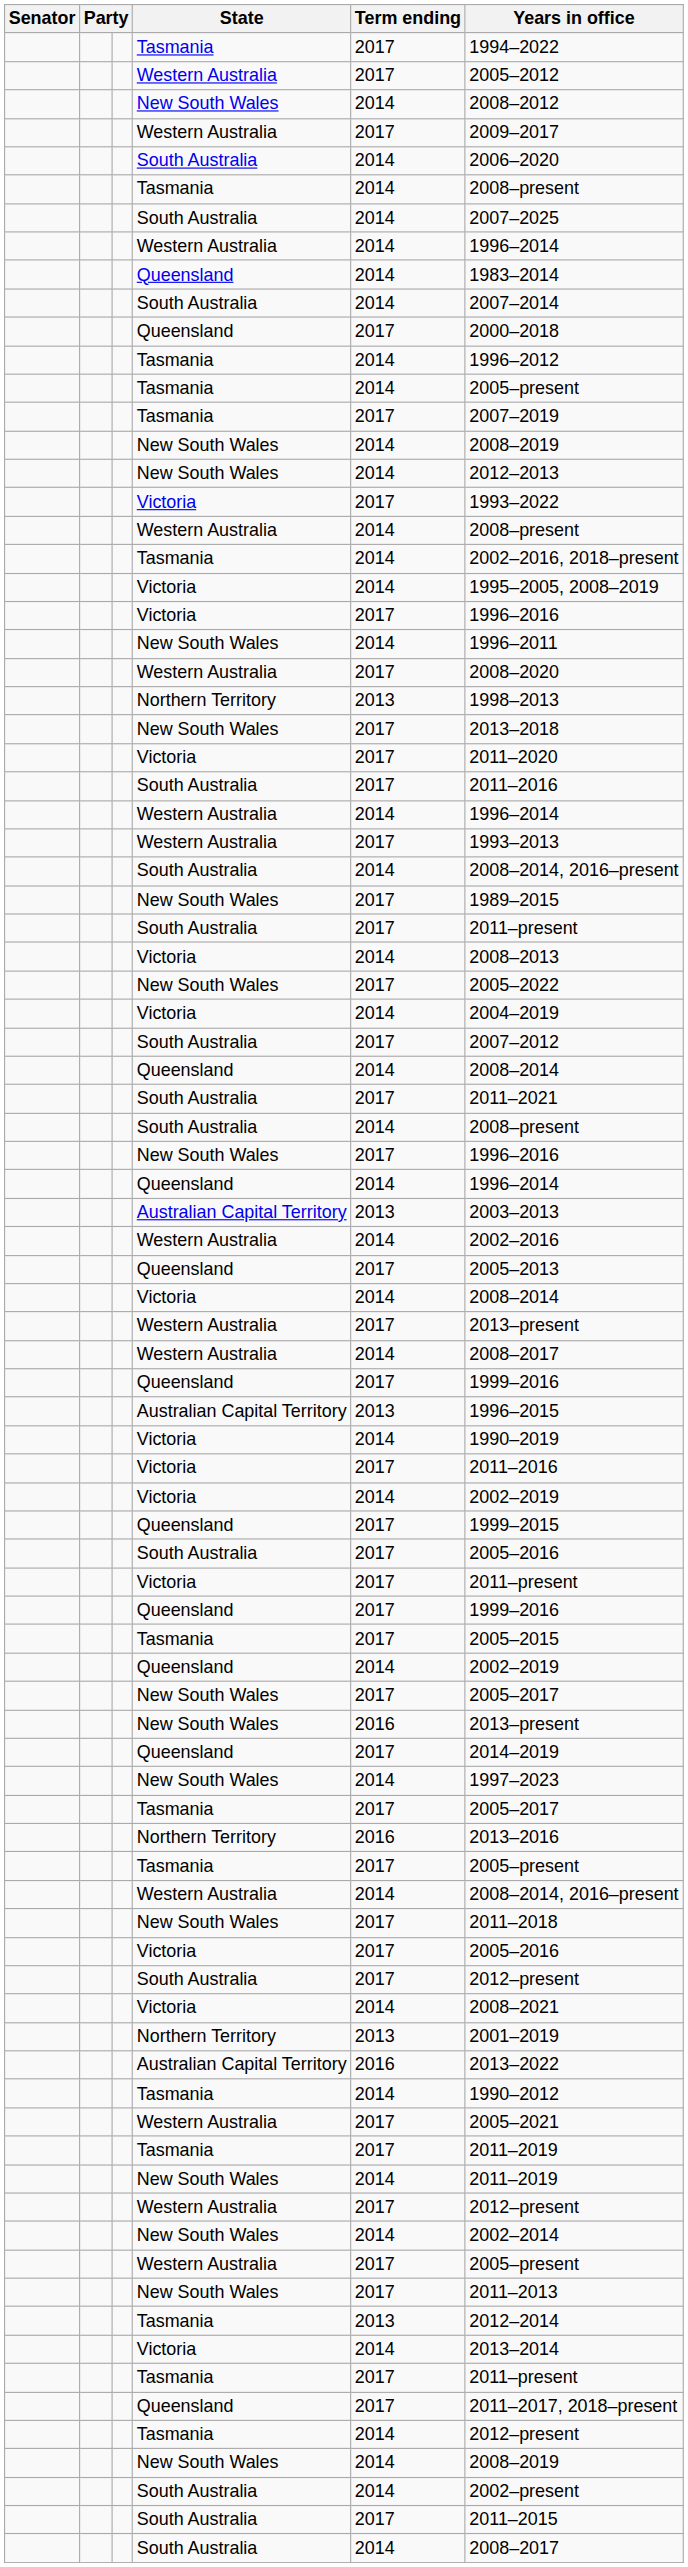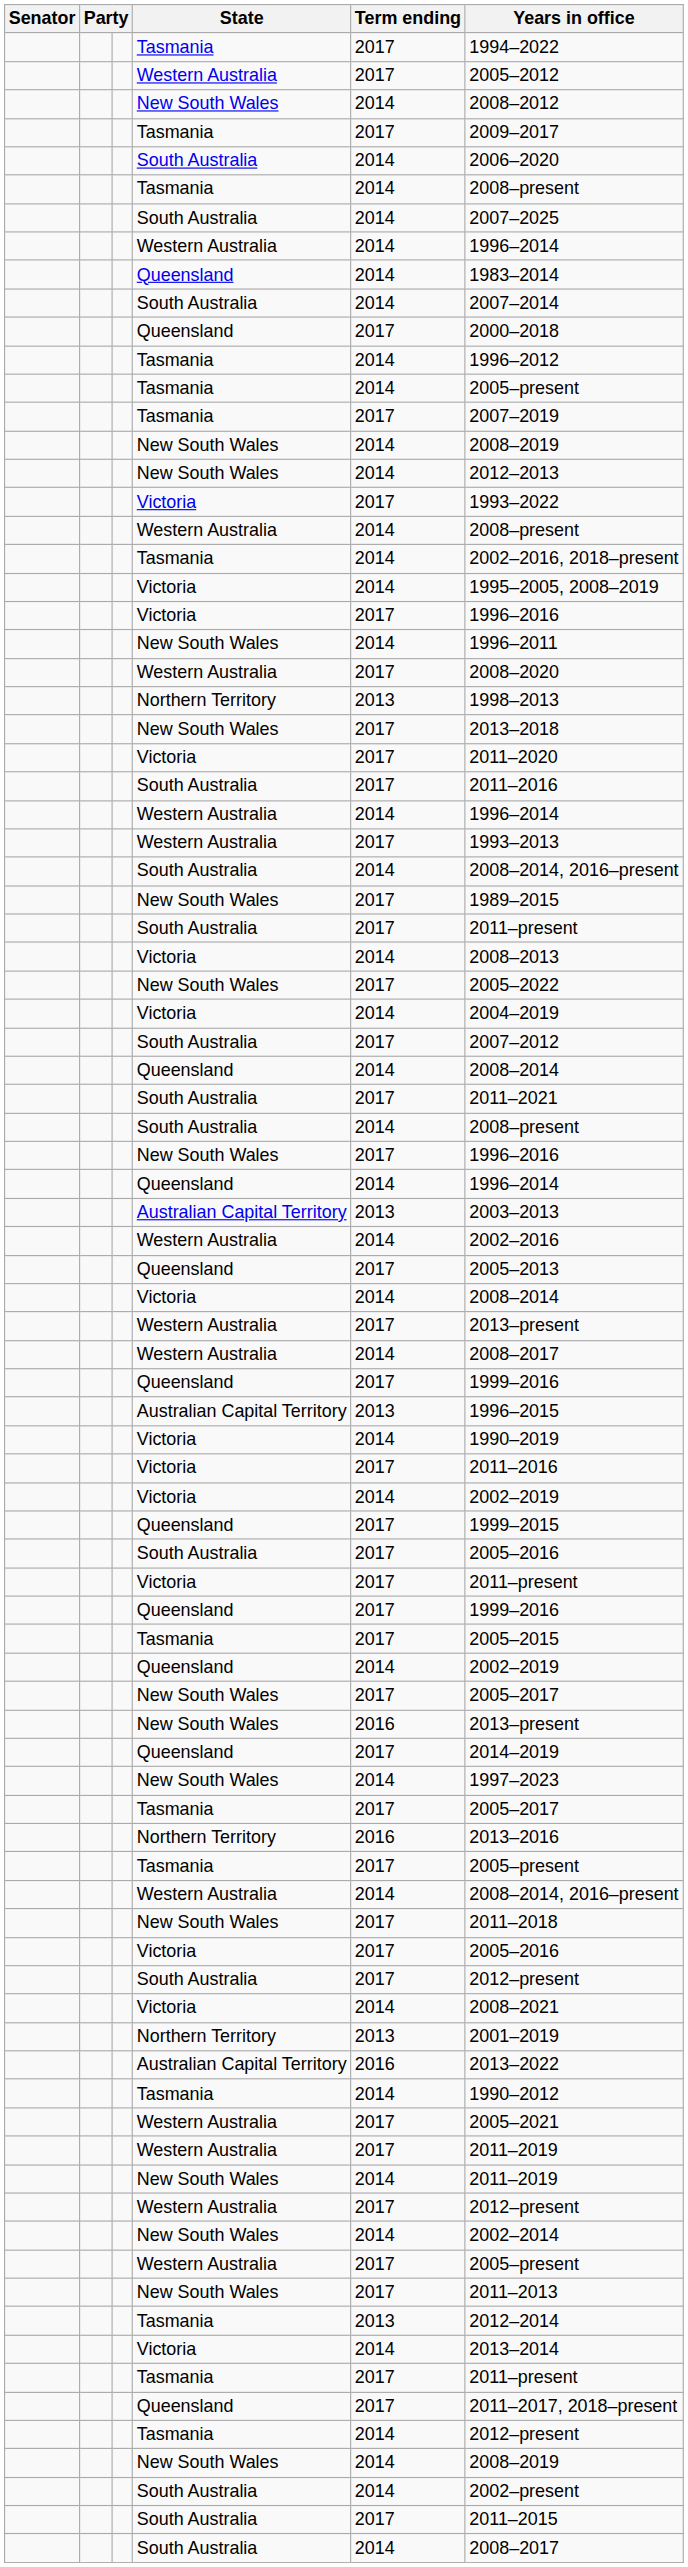 <table class="wikitable sortable">
 <tr>
 <th>Senator</th>
 <th colspan=2>Party</th>
 <th>State</th>
 <th>Term ending</th>
 <th>Years in office</th>
 </tr>
 <tr>
 <td></td>
 <td> </td>
 <td></td>
 <td><a href='#'>Tasmania</a></td>
 <td>2017</td>
 <td>1994–2022</td>
 </tr>
 <tr>
 <td> </td>
 <td> </td>
 <td></td>
 <td><a href='#'>Western Australia</a></td>
 <td>2017</td>
 <td>2005–2012</td>
 </tr>
 <tr>
 <td> </td>
 <td> </td>
 <td></td>
 <td><a href='#'>New South Wales</a></td>
 <td>2014</td>
 <td>2008–2012</td>
 </tr>
 <tr>
 <td></td>
 <td> </td>
 <td></td>
-<td>Western Australia</td>
+<td>Tasmania</td>
 <td>2017</td>
 <td>2009–2017</td>
 </tr>
 <tr>
 <td></td>
 <td> </td>
 <td></td>
 <td><a href='#'>South Australia</a></td>
 <td>2014</td>
 <td>2006–2020</td>
 </tr>
 <tr>
 <td></td>
 <td> </td>
 <td></td>
 <td>Tasmania</td>
 <td>2014</td>
 <td>2008–present</td>
 </tr>
 <tr>
 <td></td>
 <td> </td>
 <td></td>
 <td>South Australia</td>
 <td>2014</td>
 <td>2007–2025</td>
 </tr>
 <tr>
 <td></td>
 <td> </td>
 <td></td>
 <td>Western Australia</td>
 <td>2014</td>
 <td>1996–2014</td>
 </tr>
 <tr>
 <td></td>
 <td> </td>
 <td> </td>
 <td><a href='#'>Queensland</a></td>
 <td>2014</td>
 <td>1983–2014</td>
 </tr>
 <tr>
 <td></td>
 <td> </td>
 <td> </td>
 <td>South Australia</td>
 <td>2014</td>
 <td>2007–2014</td>
 </tr>
 <tr>
 <td></td>
 <td> </td>
 <td> </td>
 <td>Queensland</td>
 <td>2017</td>
 <td>2000–2018</td>
 </tr>
 <tr>
 <td> </td>
 <td> </td>
 <td></td>
 <td>Tasmania</td>
 <td>2014</td>
 <td>1996–2012</td>
 </tr>
 <tr>
 <td></td>
 <td> </td>
 <td></td>
 <td>Tasmania</td>
 <td>2014</td>
 <td>2005–present</td>
 </tr>
 <tr>
 <td></td>
 <td> </td>
 <td></td>
 <td>Tasmania</td>
 <td>2017</td>
 <td>2007–2019</td>
 </tr>
 <tr>
 <td></td>
 <td> </td>
 <td></td>
 <td>New South Wales</td>
 <td>2014</td>
 <td>2008–2019</td>
 </tr>
 <tr>
 <td> </td>
 <td> </td>
 <td></td>
 <td>New South Wales</td>
 <td>2014</td>
 <td>2012–2013</td>
 </tr>
 <tr>
 <td></td>
 <td> </td>
 <td></td>
 <td><a href='#'>Victoria</a></td>
 <td>2017</td>
 <td>1993–2022</td>
 </tr>
 <tr>
 <td></td>
 <td> </td>
 <td></td>
 <td>Western Australia</td>
 <td>2014</td>
 <td>2008–present</td>
 </tr>
 <tr>
 <td></td>
 <td> </td>
 <td></td>
 <td>Tasmania</td>
 <td>2014</td>
 <td>2002–2016, 2018–present</td>
 </tr>
 <tr>
 <td></td>
 <td> </td>
 <td></td>
 <td>Victoria</td>
 <td>2014</td>
 <td>1995–2005, 2008–2019</td>
 </tr>
 <tr>
 <td></td>
 <td> </td>
 <td></td>
 <td>Victoria</td>
 <td>2017</td>
 <td>1996–2016</td>
 </tr>
 <tr>
 <td> </td>
 <td> </td>
 <td></td>
 <td>New South Wales</td>
 <td>2014</td>
 <td>1996–2011</td>
 </tr>
 <tr>
 <td></td>
 <td> </td>
 <td></td>
 <td>Western Australia</td>
 <td>2017</td>
 <td>2008–2020</td>
 </tr>
 <tr>
 <td> </td>
 <td> </td>
 <td></td>
 <td>Northern Territory</td>
 <td>2013 </td>
 <td>1998–2013</td>
 </tr>
 <tr>
 <td> </td>
 <td> </td>
 <td></td>
 <td>New South Wales</td>
 <td>2017</td>
 <td>2013–2018</td>
 </tr>
 <tr>
 <td></td>
 <td> </td>
 <td></td>
 <td>Victoria</td>
 <td>2017</td>
 <td>2011–2020</td>
 </tr>
 <tr>
 <td></td>
 <td> </td>
 <td></td>
 <td>South Australia</td>
 <td>2017</td>
 <td>2011–2016</td>
 </tr>
 <tr>
 <td></td>
 <td> </td>
 <td></td>
 <td>Western Australia</td>
 <td>2014</td>
 <td>1996–2014</td>
 </tr>
 <tr>
 <td> </td>
 <td> </td>
 <td></td>
 <td>Western Australia</td>
 <td>2017</td>
 <td>1993–2013</td>
 </tr>
 <tr>
 <td></td>
 <td> </td>
 <td></td>
 <td>South Australia</td>
 <td>2014</td>
 <td>2008–2014, 2016–present</td>
 </tr>
 <tr>
 <td></td>
 <td> </td>
 <td></td>
 <td>New South Wales</td>
 <td>2017</td>
 <td>1989–2015</td>
 </tr>
 <tr>
 <td></td>
 <td> </td>
 <td></td>
 <td>South Australia</td>
 <td>2017</td>
 <td>2011–present</td>
 </tr>
 <tr>
 <td> </td>
 <td> </td>
 <td></td>
 <td>Victoria</td>
 <td>2014</td>
 <td>2008–2013</td>
 </tr>
 <tr>
 <td></td>
 <td> </td>
 <td></td>
 <td>New South Wales</td>
 <td>2017</td>
 <td>2005–2022</td>
 </tr>
 <tr>
 <td></td>
 <td> </td>
 <td></td>
 <td>Victoria</td>
 <td>2014</td>
 <td>2004–2019</td>
 </tr>
 <tr>
 <td> </td>
 <td> </td>
 <td></td>
 <td>South Australia</td>
 <td>2017</td>
 <td>2007–2012</td>
 </tr>
 <tr>
 <td></td>
 <td> </td>
 <td></td>
 <td>Queensland</td>
 <td>2014</td>
 <td>2008–2014</td>
 </tr>
 <tr>
 <td></td>
 <td> </td>
 <td></td>
 <td>South Australia</td>
 <td>2017</td>
 <td>2011–2021</td>
 </tr>
 <tr>
 <td></td>
 <td> </td>
 <td></td>
 <td>South Australia</td>
 <td>2014</td>
 <td>2008–present</td>
 </tr>
 <tr>
 <td></td>
 <td> </td>
 <td></td>
 <td>New South Wales</td>
 <td>2017</td>
 <td>1996–2016</td>
 </tr>
 <tr>
 <td></td>
 <td> </td>
 <td></td>
 <td>Queensland</td>
 <td>2014</td>
 <td>1996–2014</td>
 </tr>
 <tr>
 <td> </td>
 <td> </td>
 <td></td>
 <td><a href='#'>Australian Capital Territory</a></td>
 <td>2013 </td>
 <td>2003–2013</td>
 </tr>
 <tr>
 <td></td>
 <td> </td>
 <td></td>
 <td>Western Australia</td>
 <td>2014</td>
 <td>2002–2016</td>
 </tr>
 <tr>
 <td> </td>
 <td> </td>
 <td> </td>
 <td>Queensland</td>
 <td>2017</td>
 <td>2005–2013</td>
 </tr>
 <tr>
 <td></td>
 <td> </td>
 <td></td>
 <td>Victoria</td>
 <td>2014</td>
 <td>2008–2014</td>
 </tr>
 <tr>
 <td> </td>
 <td> </td>
 <td></td>
 <td>Western Australia</td>
 <td>2017</td>
 <td>2013–present</td>
 </tr>
 <tr>
 <td></td>
 <td> </td>
 <td></td>
 <td>Western Australia</td>
 <td>2014</td>
 <td>2008–2017</td>
 </tr>
 <tr>
 <td></td>
 <td> </td>
 <td></td>
 <td>Queensland</td>
 <td>2017</td>
 <td>1999–2016</td>
 </tr>
 <tr>
 <td></td>
 <td> </td>
 <td></td>
 <td>Australian Capital Territory</td>
 <td>2013 </td>
 <td>1996–2015</td>
 </tr>
 <tr>
 <td></td>
 <td> </td>
 <td> </td>
 <td>Victoria</td>
 <td>2014</td>
 <td>1990–2019</td>
 </tr>
 <tr>
 <td></td>
 <td> </td>
 <td></td>
 <td>Victoria</td>
 <td>2017</td>
 <td>2011–2016</td>
 </tr>
 <tr>
 <td></td>
 <td> </td>
 <td></td>
 <td>Victoria</td>
 <td>2014</td>
 <td>2002–2019</td>
 </tr>
 <tr>
 <td></td>
 <td> </td>
 <td> </td>
 <td>Queensland</td>
 <td>2017</td>
 <td>1999–2015</td>
 </tr>
 <tr>
 <td></td>
 <td> </td>
 <td></td>
 <td>South Australia</td>
 <td>2017</td>
 <td>2005–2016</td>
 </tr>
 <tr>
 <td></td>
 <td> </td>
 <td></td>
 <td>Victoria</td>
 <td>2017</td>
 <td>2011–present</td>
 </tr>
 <tr>
 <td></td>
 <td> </td>
 <td></td>
 <td>Queensland</td>
 <td>2017</td>
 <td>1999–2016</td>
 </tr>
 <tr>
 <td></td>
 <td> </td>
 <td></td>
 <td>Tasmania</td>
 <td>2017</td>
 <td>2005–2015</td>
 </tr>
 <tr>
 <td></td>
 <td> </td>
 <td></td>
 <td>Queensland</td>
 <td>2014</td>
 <td>2002–2019</td>
 </tr>
 <tr>
 <td></td>
 <td> </td>
 <td></td>
 <td>New South Wales</td>
 <td>2017</td>
 <td>2005–2017</td>
 </tr>
 <tr>
 <td> </td>
 <td> </td>
 <td></td>
 <td>New South Wales</td>
 <td>2016</td>
 <td>2013–present</td>
 </tr>
 <tr>
 <td> </td>
 <td> </td>
 <td> </td>
 <td>Queensland</td>
 <td>2017</td>
 <td>2014–2019</td>
 </tr>
 <tr>
 <td></td>
 <td> </td>
 <td></td>
 <td>New South Wales</td>
 <td>2014</td>
 <td>1997–2023</td>
 </tr>
 <tr>
 <td></td>
 <td> </td>
 <td></td>
 <td>Tasmania</td>
 <td>2017</td>
 <td>2005–2017</td>
 </tr>
 <tr>
 <td> </td>
 <td> </td>
 <td></td>
 <td>Northern Territory</td>
 <td>2016 </td>
 <td>2013–2016</td>
 </tr>
 <tr>
 <td></td>
 <td> </td>
 <td></td>
 <td>Tasmania</td>
 <td>2017</td>
 <td>2005–present</td>
 </tr>
 <tr>
 <td></td>
 <td> </td>
 <td></td>
 <td>Western Australia</td>
 <td>2014</td>
 <td>2008–2014, 2016–present</td>
 </tr>
 <tr>
 <td></td>
 <td> </td>
 <td></td>
 <td>New South Wales</td>
 <td>2017</td>
 <td>2011–2018</td>
 </tr>
 <tr>
 <td></td>
 <td> </td>
 <td></td>
 <td>Victoria</td>
 <td>2017</td>
 <td>2005–2016</td>
 </tr>
 <tr>
 <td> </td>
 <td> </td>
 <td></td>
 <td>South Australia</td>
 <td>2017</td>
 <td>2012–present</td>
 </tr>
 <tr>
 <td></td>
 <td> </td>
 <td></td>
 <td>Victoria</td>
 <td>2014</td>
 <td>2008–2021</td>
 </tr>
 <tr>
 <td></td>
 <td> </td>
 <td> </td>
 <td>Northern Territory</td>
 <td>2013 </td>
 <td>2001–2019</td>
 </tr>
 <tr>
 <td> </td>
 <td> </td>
 <td></td>
 <td>Australian Capital Territory</td>
 <td>2016 </td>
 <td>2013–2022</td>
 </tr>
 <tr>
 <td> </td>
 <td> </td>
 <td></td>
 <td>Tasmania</td>
 <td>2014</td>
 <td>1990–2012</td>
 </tr>
 <tr>
 <td></td>
 <td> </td>
 <td></td>
 <td>Western Australia</td>
 <td>2017</td>
 <td>2005–2021</td>
 </tr>
 <tr>
 <td></td>
 <td> </td>
 <td></td>
-<td>Tasmania</td>
+<td>Western Australia</td>
 <td>2017</td>
 <td>2011–2019</td>
 </tr>
 <tr>
 <td> </td>
 <td> </td>
 <td></td>
 <td>New South Wales</td>
 <td>2014</td>
 <td>2011–2019</td>
 </tr>
 <tr>
 <td> </td>
 <td> </td>
 <td></td>
 <td>Western Australia</td>
 <td>2017</td>
 <td>2012–present</td>
 </tr>
 <tr>
 <td></td>
 <td> </td>
 <td></td>
 <td>New South Wales</td>
 <td>2014</td>
 <td>2002–2014</td>
 </tr>
 <tr>
 <td></td>
 <td> </td>
 <td></td>
 <td>Western Australia</td>
 <td>2017</td>
 <td>2005–present</td>
 </tr>
 <tr>
 <td> </td>
 <td> </td>
 <td></td>
 <td>New South Wales</td>
 <td>2017</td>
 <td>2011–2013</td>
 </tr>
 <tr>
 <td> </td>
 <td> </td>
 <td></td>
 <td>Tasmania</td>
 <td>2013</td>
 <td>2012–2014</td>
 </tr>
 <tr>
 <td> </td>
 <td> </td>
 <td></td>
 <td>Victoria</td>
 <td>2014</td>
 <td>2013–2014</td>
 </tr>
 <tr>
 <td></td>
 <td> </td>
 <td></td>
 <td>Tasmania</td>
 <td>2017</td>
 <td>2011–present</td>
 </tr>
 <tr>
 <td></td>
 <td> </td>
 <td></td>
 <td>Queensland</td>
 <td>2017</td>
 <td>2011–2017, 2018–present</td>
 </tr>
 <tr>
 <td> </td>
 <td> </td>
 <td></td>
 <td>Tasmania</td>
 <td>2014</td>
 <td>2012–present</td>
 </tr>
 <tr>
 <td></td>
 <td> </td>
 <td></td>
 <td>New South Wales</td>
 <td>2014</td>
 <td>2008–2019</td>
 </tr>
 <tr>
 <td></td>
 <td> </td>
 <td></td>
 <td>South Australia</td>
 <td>2014</td>
 <td>2002–present</td>
 </tr>
 <tr>
 <td></td>
 <td> </td>
 <td></td>
 <td>South Australia</td>
 <td>2017</td>
 <td>2011–2015</td>
 </tr>
 <tr>
 <td></td>
 <td> </td>
 <td></td>
 <td>South Australia</td>
 <td>2014</td>
 <td>2008–2017</td>
 </tr>
 </table>
